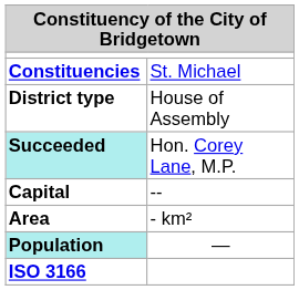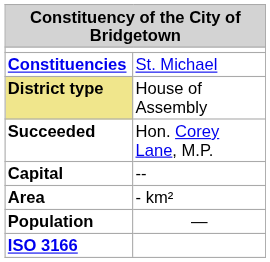 <table border="1" cellspacing="0" cellpadding="2" width="240" style="margin: 0 0 1em 1em; border: 1px #aaa solid; border-collapse: collapse; font-size: 95%;" align="right">
 <tr>
 <td align=center colspan=3 bgcolor=#d3d3d3><span><strong>Constituency of the City of Bridgetown</strong></span></td>
 </tr>
 <tr>
 <th align="center" colspan="3"></th>
 </tr>
 <tr>
 <td align="left" valign="top"><strong><a href='#'>Constituencies</a></strong></td>
 <td colspan=2 valign=top><a href='#'>St. Michael</a></td>
 </tr>
 <tr>
-<td align="left" valign="top"><strong>District type</strong></td>
+<td align="left" valign="top" style="background: khaki;"><strong>District type</strong></td>
 <td colspan=2 valign=top>House of Assembly</td>
 </tr>
 <tr>
-<td align="left" valign="top" style="background: paleturquoise;"><strong>Succeeded</strong></td>
+<td align="left" valign="top"><strong>Succeeded</strong></td>
 <td colspan=2 valign=top>Hon. <a href='#'>Corey Lane</a>, M.P.</td>
 </tr>
 <tr>
 <th align="left" valign="top"><strong>Capital</strong></th>
 <td colspan=2 valign=top>--</td>
 </tr>
 <tr>
 <th align="left" valign="top"><strong>Area</strong></th>
 <td colspan=2 valign=top>- km²</td>
 </tr>
 <tr>
-<td align="left" valign="top" style="background: paleturquoise;"><strong>Population </strong></td>
+<td align="left" valign="top"><strong>Population </strong></td>
 <td align=left valign=top style="text-align: center;">—</td>
 </tr>
 <tr>
 <th align="left" valign="top"><a href='#'>ISO 3166</a></th>
 <td colspan=2 valign=top></td>
 </tr>
 </table>
